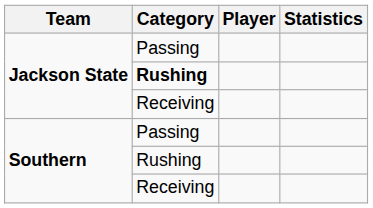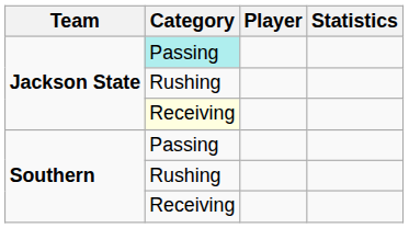 <table class="wikitable" style="float: left;">
 <tr>
 <th>Team</th>
 <th>Category</th>
 <th>Player</th>
 <th>Statistics</th>
 </tr>
 <tr>
 <td rowspan=3><strong>Jackson State</strong></td>
-<td>Passing</td>
+<td style="background: paleturquoise;">Passing</td>
 <td> </td>
 <td> </td>
 </tr>
 <tr>
-<td><strong>Rushing</strong></td>
+<td>Rushing</td>
 <td> </td>
 <td> </td>
 </tr>
 <tr>
-<td>Receiving</td>
+<td style="background: lightyellow;">Receiving</td>
 <td> </td>
 <td> </td>
 </tr>
 <tr>
 <td rowspan=3><strong>Southern</strong></td>
 <td>Passing</td>
 <td> </td>
 <td> </td>
 </tr>
 <tr>
 <td>Rushing</td>
 <td> </td>
 <td> </td>
 </tr>
 <tr>
 <td>Receiving</td>
 <td> </td>
 <td> </td>
 </tr>
 </table>
